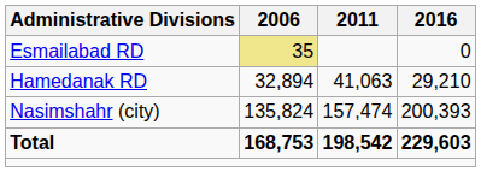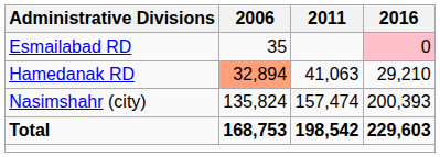 <table class="wikitable">
 <tr>
 <th>Administrative Divisions</th>
 <th>2006</th>
 <th>2011</th>
 <th>2016</th>
 </tr>
 <tr>
 <td><a href='#'>Esmailabad RD</a></td>
-<td style="background: khaki; text-align: right;">35</td>
+<td style="text-align: right;">35</td>
 <td style="text-align: right;"></td>
-<td style="text-align: right;">0</td>
+<td style="background: pink; text-align: right;">0</td>
 </tr>
 <tr>
 <td><a href='#'>Hamedanak RD</a></td>
-<td style="text-align: right;">32,894</td>
+<td style="background: lightsalmon; text-align: right;">32,894</td>
 <td style="text-align: right;">41,063</td>
 <td style="text-align: right;">29,210</td>
 </tr>
 <tr>
 <td><a href='#'>Nasimshahr</a> (city)</td>
 <td style="text-align: right;">135,824</td>
 <td style="text-align: right;">157,474</td>
 <td style="text-align: right;">200,393</td>
 </tr>
 <tr>
 <td><strong>Total</strong></td>
 <td style="text-align: right;"><strong>168,753</strong></td>
 <td style="text-align: right;"><strong>198,542</strong></td>
 <td style="text-align: right;"><strong>229,603</strong></td>
 </tr>
 <tr>
 <td colspan=4></td>
 </tr>
 </table>
